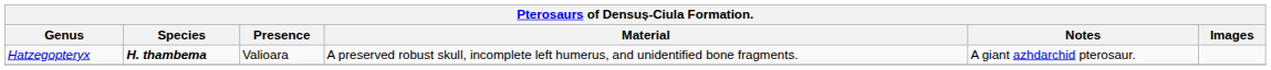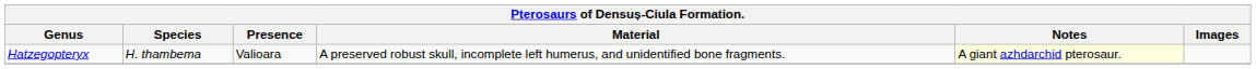 <table class="wikitable" align="center" width="100%">
 <tr>
 <th colspan="6" align="center"><strong><a href='#'>Pterosaurs</a></strong> of Densuș-Ciula Formation.</th>
 </tr>
 <tr>
 <th>Genus</th>
 <th>Species</th>
 <th>Presence</th>
 <th>Material</th>
 <th>Notes</th>
 <th>Images</th>
 </tr>
 <tr>
 <td><em><a href='#'>Hatzegopteryx</a></em></td>
-<td><strong><em>H. thambema</em></strong></td>
+<td><em>H. thambema</em></td>
 <td>Valioara</td>
 <td>A preserved robust skull, incomplete left humerus, and unidentified bone fragments.</td>
-<td>A giant <a href='#'>azhdarchid</a> pterosaur.</td>
+<td style="background: lightyellow;">A giant <a href='#'>azhdarchid</a> pterosaur.</td>
 <td></td>
 </tr>
 <tr>
 </tr>
 </table>
